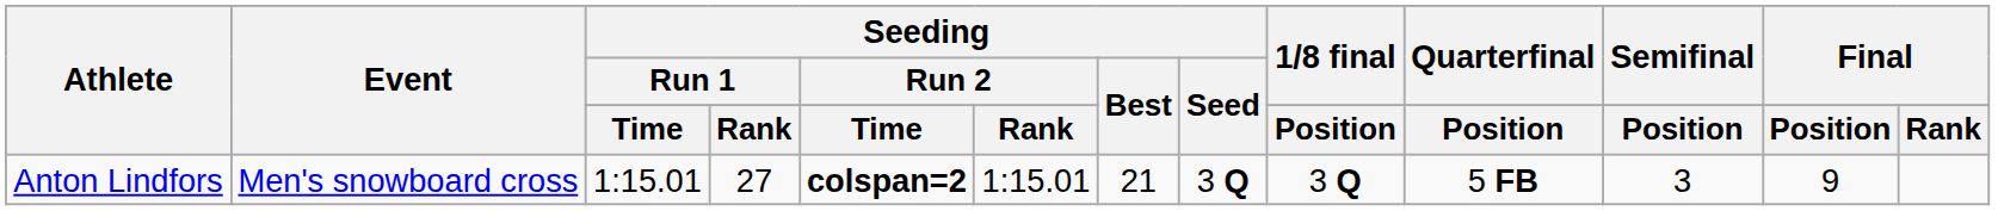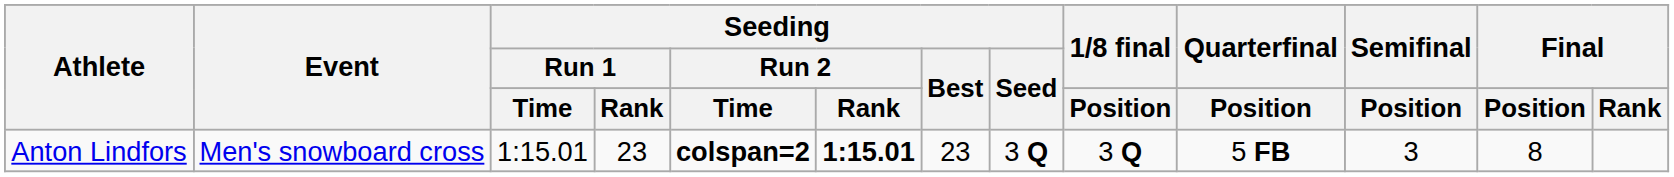 <table class=wikitable style=font-size:90%>
 <tr>
 <th rowspan=3>Athlete</th>
 <th rowspan=3>Event</th>
 <th colspan=6>Seeding</th>
 <th rowspan=2>1/8 final</th>
 <th rowspan=2>Quarterfinal</th>
 <th rowspan=2>Semifinal</th>
 <th rowspan=2 colspan=2>Final</th>
 </tr>
 <tr style=font-size:95%>
 <th colspan=2>Run 1</th>
 <th colspan=2>Run 2</th>
 <th rowspan=2>Best</th>
 <th rowspan=2>Seed</th>
 </tr>
 <tr style=font-size:95%>
 <th>Time</th>
 <th>Rank</th>
 <th>Time</th>
 <th>Rank</th>
 <th>Position</th>
 <th>Position</th>
 <th>Position</th>
 <th>Position</th>
 <th>Rank</th>
 </tr>
 <tr align=center>
 <td align=left><a href='#'>Anton Lindfors</a></td>
 <td align=left><a href='#'>Men's snowboard cross</a></td>
 <td>1:15.01</td>
-<td>27</td>
+<td>23</td>
 <td><strong>colspan=2 </strong></td>
-<td>1:15.01</td>
-<td>21</td>
+<td><strong>1:15.01</strong></td>
+<td>23</td>
 <td>3 <strong>Q</strong></td>
 <td>3 <strong>Q</strong></td>
 <td>5 <strong>FB</strong></td>
 <td>3</td>
-<td>9</td>
+<td>8</td>
 </tr>
 </table>
